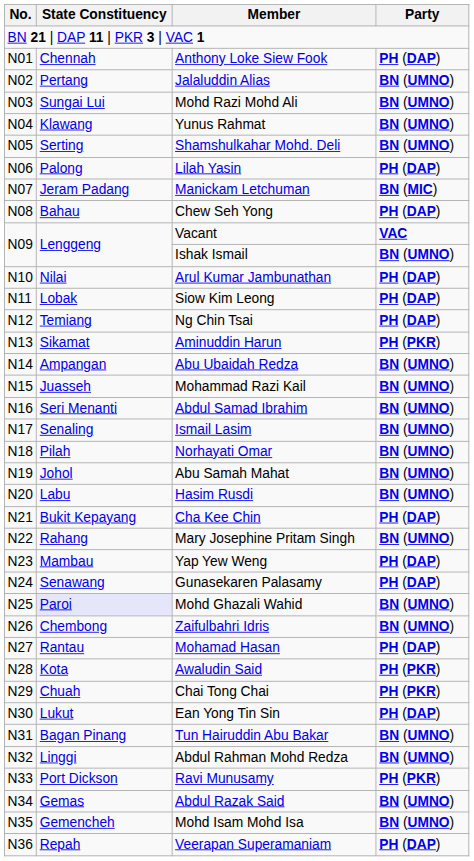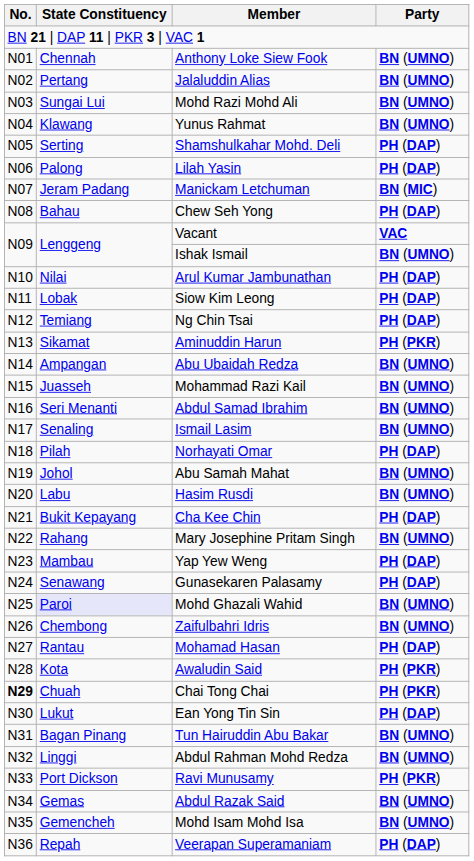 <table class="wikitable sortable">
 <tr>
 <th style="width:30px;">No.</th>
 <th style="width:150px;">State Constituency</th>
 <th style="width:230px;">Member</th>
 <th style="width:100px;">Party</th>
 </tr>
 <tr>
 <td colspan="4"><a href='#'>BN</a> <strong>21</strong> | <a href='#'>DAP</a> <strong>11</strong> | <a href='#'>PKR</a> <strong>3</strong> | <a href='#'>VAC</a> <strong>1</strong></td>
 </tr>
 <tr>
 <td>N01</td>
 <td><a href='#'>Chennah</a></td>
 <td><a href='#'>Anthony Loke Siew Fook</a></td>
-<td><strong><a href='#'>PH</a></strong> (<strong><a href='#'>DAP</a></strong>)</td>
+<td><strong><a href='#'>BN</a></strong> (<strong><a href='#'>UMNO</a></strong>)</td>
 </tr>
 <tr>
 <td>N02</td>
 <td><a href='#'>Pertang</a></td>
 <td><a href='#'>Jalaluddin Alias</a></td>
 <td><strong><a href='#'>BN</a></strong> (<strong><a href='#'>UMNO</a></strong>)</td>
 </tr>
 <tr>
 <td>N03</td>
 <td><a href='#'>Sungai Lui</a></td>
 <td>Mohd Razi Mohd Ali</td>
 <td><strong><a href='#'>BN</a></strong> (<strong><a href='#'>UMNO</a></strong>)</td>
 </tr>
 <tr>
 <td>N04</td>
 <td><a href='#'>Klawang</a></td>
 <td>Yunus Rahmat</td>
 <td><strong><a href='#'>BN</a></strong> (<strong><a href='#'>UMNO</a></strong>)</td>
 </tr>
 <tr>
 <td>N05</td>
 <td><a href='#'>Serting</a></td>
 <td><a href='#'>Shamshulkahar Mohd. Deli</a></td>
-<td><strong><a href='#'>BN</a></strong> (<strong><a href='#'>UMNO</a></strong>)</td>
+<td><strong><a href='#'>PH</a></strong> (<strong><a href='#'>DAP</a></strong>)</td>
 </tr>
 <tr>
 <td>N06</td>
 <td><a href='#'>Palong</a></td>
 <td><a href='#'>Lilah Yasin</a></td>
 <td><strong><a href='#'>PH</a></strong> (<strong><a href='#'>DAP</a></strong>)</td>
 </tr>
 <tr>
 <td>N07</td>
 <td><a href='#'>Jeram Padang</a></td>
 <td><a href='#'>Manickam Letchuman</a></td>
 <td><strong><a href='#'>BN</a></strong> (<strong><a href='#'>MIC</a></strong>)</td>
 </tr>
 <tr>
 <td>N08</td>
 <td><a href='#'>Bahau</a></td>
 <td>Chew Seh Yong</td>
 <td><strong><a href='#'>PH</a></strong> (<strong><a href='#'>DAP</a></strong>)</td>
 </tr>
 <tr>
 <td rowspan=2>N09</td>
 <td rowspan=2><a href='#'>Lenggeng</a></td>
 <td>Vacant </td>
 <td><strong><a href='#'>VAC</a></strong></td>
 </tr>
 <tr>
 <td>Ishak Ismail </td>
 <td><strong><a href='#'>BN</a></strong> (<strong><a href='#'>UMNO</a></strong>)</td>
 </tr>
 <tr>
 <td>N10</td>
 <td><a href='#'>Nilai</a></td>
 <td><a href='#'>Arul Kumar Jambunathan</a></td>
 <td><strong><a href='#'>PH</a></strong> (<strong><a href='#'>DAP</a></strong>)</td>
 </tr>
 <tr>
 <td>N11</td>
 <td><a href='#'>Lobak</a></td>
 <td>Siow Kim Leong</td>
 <td><strong><a href='#'>PH</a></strong> (<strong><a href='#'>DAP</a></strong>)</td>
 </tr>
 <tr>
 <td>N12</td>
 <td><a href='#'>Temiang</a></td>
 <td>Ng Chin Tsai</td>
 <td><strong><a href='#'>PH</a></strong> (<strong><a href='#'>DAP</a></strong>)</td>
 </tr>
 <tr>
 <td>N13</td>
 <td><a href='#'>Sikamat</a></td>
 <td><a href='#'>Aminuddin Harun</a></td>
 <td><strong><a href='#'>PH</a></strong> (<strong><a href='#'>PKR</a></strong>)</td>
 </tr>
 <tr>
 <td>N14</td>
 <td><a href='#'>Ampangan</a></td>
 <td><a href='#'>Abu Ubaidah Redza</a></td>
 <td><strong><a href='#'>BN</a></strong> (<strong><a href='#'>UMNO</a></strong>)</td>
 </tr>
 <tr>
 <td>N15</td>
 <td><a href='#'>Juasseh</a></td>
 <td>Mohammad Razi Kail</td>
 <td><strong><a href='#'>BN</a></strong> (<strong><a href='#'>UMNO</a></strong>)</td>
 </tr>
 <tr>
 <td>N16</td>
 <td><a href='#'>Seri Menanti</a></td>
 <td><a href='#'>Abdul Samad Ibrahim</a></td>
 <td><strong><a href='#'>BN</a></strong> (<strong><a href='#'>UMNO</a></strong>)</td>
 </tr>
 <tr>
 <td>N17</td>
 <td><a href='#'>Senaling</a></td>
 <td><a href='#'>Ismail Lasim</a></td>
 <td><strong><a href='#'>BN</a></strong> (<strong><a href='#'>UMNO</a></strong>)</td>
 </tr>
 <tr>
 <td>N18</td>
 <td><a href='#'>Pilah</a></td>
 <td><a href='#'>Norhayati Omar</a></td>
-<td><strong><a href='#'>BN</a></strong> (<strong><a href='#'>UMNO</a></strong>)</td>
+<td><strong><a href='#'>PH</a></strong> (<strong><a href='#'>DAP</a></strong>)</td>
 </tr>
 <tr>
 <td>N19</td>
 <td><a href='#'>Johol</a></td>
 <td>Abu Samah Mahat</td>
 <td><strong><a href='#'>BN</a></strong> (<strong><a href='#'>UMNO</a></strong>)</td>
 </tr>
 <tr>
 <td>N20</td>
 <td><a href='#'>Labu</a></td>
 <td><a href='#'>Hasim Rusdi</a></td>
 <td><strong><a href='#'>BN</a></strong> (<strong><a href='#'>UMNO</a></strong>)</td>
 </tr>
 <tr>
 <td>N21</td>
 <td><a href='#'>Bukit Kepayang</a></td>
 <td><a href='#'>Cha Kee Chin</a></td>
 <td><strong><a href='#'>PH</a></strong> (<strong><a href='#'>DAP</a></strong>)</td>
 </tr>
 <tr>
 <td>N22</td>
 <td><a href='#'>Rahang</a></td>
 <td>Mary Josephine Pritam Singh</td>
 <td><strong><a href='#'>BN</a></strong> (<strong><a href='#'>UMNO</a></strong>)</td>
 </tr>
 <tr>
 <td>N23</td>
 <td><a href='#'>Mambau</a></td>
 <td>Yap Yew Weng</td>
 <td><strong><a href='#'>PH</a></strong> (<strong><a href='#'>DAP</a></strong>)</td>
 </tr>
 <tr>
 <td>N24</td>
 <td><a href='#'>Senawang</a></td>
 <td>Gunasekaren Palasamy</td>
 <td><strong><a href='#'>PH</a></strong> (<strong><a href='#'>DAP</a></strong>)</td>
 </tr>
 <tr>
 <td>N25</td>
 <td style="background: lavender;"><a href='#'>Paroi</a></td>
 <td>Mohd Ghazali Wahid</td>
 <td><strong><a href='#'>BN</a></strong> (<strong><a href='#'>UMNO</a></strong>)</td>
 </tr>
 <tr>
 <td>N26</td>
 <td><a href='#'>Chembong</a></td>
 <td><a href='#'>Zaifulbahri Idris</a></td>
 <td><strong><a href='#'>BN</a></strong> (<strong><a href='#'>UMNO</a></strong>)</td>
 </tr>
 <tr>
 <td>N27</td>
 <td><a href='#'>Rantau</a></td>
 <td><a href='#'>Mohamad Hasan</a></td>
 <td><strong><a href='#'>PH</a></strong> (<strong><a href='#'>DAP</a></strong>)</td>
 </tr>
 <tr>
 <td>N28</td>
 <td><a href='#'>Kota</a></td>
 <td><a href='#'>Awaludin Said</a></td>
 <td><strong><a href='#'>PH</a></strong> (<strong><a href='#'>PKR</a></strong>)</td>
 </tr>
 <tr>
-<td>N29</td>
+<td><strong>N29</strong></td>
 <td><a href='#'>Chuah</a></td>
 <td>Chai Tong Chai</td>
 <td><strong><a href='#'>PH</a></strong> (<strong><a href='#'>PKR</a></strong>)</td>
 </tr>
 <tr>
 <td>N30</td>
 <td><a href='#'>Lukut</a></td>
 <td>Ean Yong Tin Sin</td>
 <td><strong><a href='#'>PH</a></strong> (<strong><a href='#'>DAP</a></strong>)</td>
 </tr>
 <tr>
 <td>N31</td>
 <td><a href='#'>Bagan Pinang</a></td>
 <td><a href='#'>Tun Hairuddin Abu Bakar</a></td>
 <td><strong><a href='#'>BN</a></strong> (<strong><a href='#'>UMNO</a></strong>)</td>
 </tr>
 <tr>
 <td>N32</td>
 <td><a href='#'>Linggi</a></td>
 <td>Abdul Rahman Mohd Redza</td>
 <td><strong><a href='#'>BN</a></strong> (<strong><a href='#'>UMNO</a></strong>)</td>
 </tr>
 <tr>
 <td>N33</td>
 <td><a href='#'>Port Dickson</a></td>
 <td><a href='#'>Ravi Munusamy</a></td>
 <td><strong><a href='#'>PH</a></strong> (<strong><a href='#'>PKR</a></strong>)</td>
 </tr>
 <tr>
 <td>N34</td>
 <td><a href='#'>Gemas</a></td>
 <td><a href='#'>Abdul Razak Said</a></td>
 <td><strong><a href='#'>BN</a></strong> (<strong><a href='#'>UMNO</a></strong>)</td>
 </tr>
 <tr>
 <td>N35</td>
 <td><a href='#'>Gemencheh</a></td>
 <td>Mohd Isam Mohd Isa</td>
 <td><strong><a href='#'>BN</a></strong> (<strong><a href='#'>UMNO</a></strong>)</td>
 </tr>
 <tr>
 <td>N36</td>
 <td><a href='#'>Repah</a></td>
 <td><a href='#'>Veerapan Superamaniam</a></td>
 <td><strong><a href='#'>PH</a></strong> (<strong><a href='#'>DAP</a></strong>)</td>
 </tr>
 </table>
